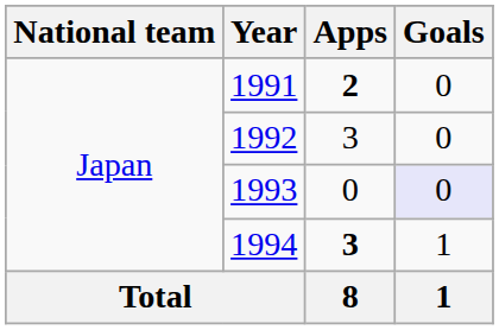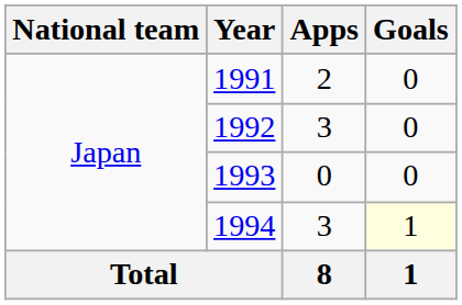 <table class="wikitable" style="text-align:center">
 <tr>
 <th>National team</th>
 <th>Year</th>
 <th>Apps</th>
 <th>Goals</th>
 </tr>
 <tr>
 <td rowspan=4><a href='#'>Japan</a></td>
 <td><a href='#'>1991</a></td>
-<td><strong>2</strong></td>
+<td>2</td>
 <td>0</td>
 </tr>
 <tr>
 <td><a href='#'>1992</a></td>
 <td>3</td>
 <td>0</td>
 </tr>
 <tr>
 <td><a href='#'>1993</a></td>
 <td>0</td>
-<td style="background: lavender;">0</td>
+<td>0</td>
 </tr>
 <tr>
 <td><a href='#'>1994</a></td>
-<td><strong>3</strong></td>
-<td>1</td>
+<td>3</td>
+<td style="background: lightyellow;">1</td>
 </tr>
 <tr>
 <th colspan="2">Total</th>
 <th>8</th>
 <th>1</th>
 </tr>
 </table>
